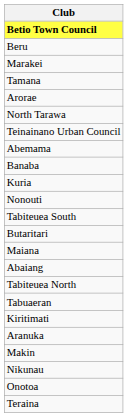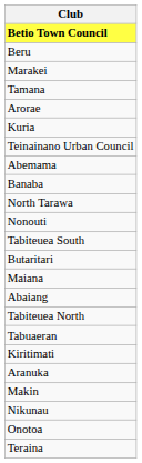 <table class="wikitable">
 <tr>
 <th>Club</th>
 </tr>
 <tr>
 <td bgcolor=#ffff44><strong>Betio Town Council</strong></td>
 </tr>
 <tr>
 <td>Beru</td>
 </tr>
 <tr>
 <td>Marakei</td>
 </tr>
 <tr>
 <td>Tamana</td>
 </tr>
 <tr>
 <td>Arorae</td>
 </tr>
 <tr>
-<td>North Tarawa</td>
+<td>Kuria</td>
 </tr>
 <tr>
 <td>Teinainano Urban Council</td>
 </tr>
 <tr>
 <td>Abemama</td>
 </tr>
 <tr>
 <td>Banaba</td>
 </tr>
 <tr>
-<td>Kuria</td>
+<td>North Tarawa</td>
 </tr>
 <tr>
 <td>Nonouti</td>
 </tr>
 <tr>
 <td>Tabiteuea South</td>
 </tr>
 <tr>
 <td>Butaritari</td>
 </tr>
 <tr>
 <td>Maiana</td>
 </tr>
 <tr>
 <td>Abaiang</td>
 </tr>
 <tr>
 <td>Tabiteuea North</td>
 </tr>
 <tr>
 <td>Tabuaeran</td>
 </tr>
 <tr>
 <td>Kiritimati</td>
 </tr>
 <tr>
 <td>Aranuka</td>
 </tr>
 <tr>
 <td>Makin</td>
 </tr>
 <tr>
 <td>Nikunau</td>
 </tr>
 <tr>
 <td>Onotoa</td>
 </tr>
 <tr>
 <td>Teraina</td>
 </tr>
 </table>
